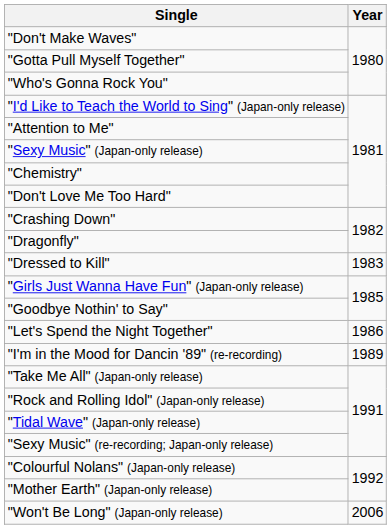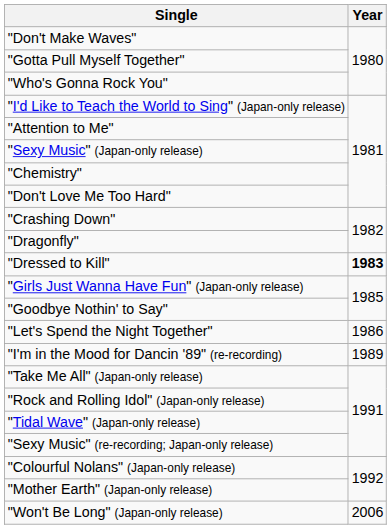 <table class="wikitable">
 <tr>
 <th>Single</th>
 <th>Year</th>
 </tr>
 <tr>
 <td>"Don't Make Waves"</td>
 <td rowspan="3">1980</td>
 </tr>
 <tr>
 <td>"Gotta Pull Myself Together"</td>
 </tr>
 <tr>
 <td>"Who's Gonna Rock You"</td>
 </tr>
 <tr>
 <td>"<a href='#'>I'd Like to Teach the World to Sing</a>" <small>(Japan-only release)</small></td>
 <td rowspan="5">1981</td>
 </tr>
 <tr>
 <td>"Attention to Me"</td>
 </tr>
 <tr>
 <td>"<a href='#'>Sexy Music</a>" <small>(Japan-only release)</small></td>
 </tr>
 <tr>
 <td>"Chemistry"</td>
 </tr>
 <tr>
 <td>"Don't Love Me Too Hard"</td>
 </tr>
 <tr>
 <td>"Crashing Down"</td>
 <td rowspan="2">1982</td>
 </tr>
 <tr>
 <td>"Dragonfly"</td>
 </tr>
 <tr>
 <td>"Dressed to Kill"</td>
-<td>1983</td>
+<td><strong>1983</strong></td>
 </tr>
 <tr>
 <td>"<a href='#'>Girls Just Wanna Have Fun</a>" <small>(Japan-only release)</small></td>
 <td rowspan="2">1985</td>
 </tr>
 <tr>
 <td>"Goodbye Nothin' to Say"</td>
 </tr>
 <tr>
 <td>"Let's Spend the Night Together"</td>
 <td>1986</td>
 </tr>
 <tr>
 <td>"I'm in the Mood for Dancin '89" <small>(re-recording)</small></td>
 <td>1989</td>
 </tr>
 <tr>
 <td>"Take Me All" <small>(Japan-only release)</small></td>
 <td rowspan="4">1991</td>
 </tr>
 <tr>
 <td>"Rock and Rolling Idol" <small>(Japan-only release)</small></td>
 </tr>
 <tr>
 <td>"<a href='#'>Tidal Wave</a>" <small>(Japan-only release)</small></td>
 </tr>
 <tr>
 <td>"Sexy Music" <small>(re-recording; Japan-only release)</small></td>
 </tr>
 <tr>
 <td>"Colourful Nolans" <small>(Japan-only release)</small></td>
 <td rowspan="2">1992</td>
 </tr>
 <tr>
 <td>"Mother Earth" <small>(Japan-only release)</small></td>
 </tr>
 <tr>
 <td>"Won't Be Long" <small>(Japan-only release)</small></td>
 <td>2006</td>
 </tr>
 </table>
